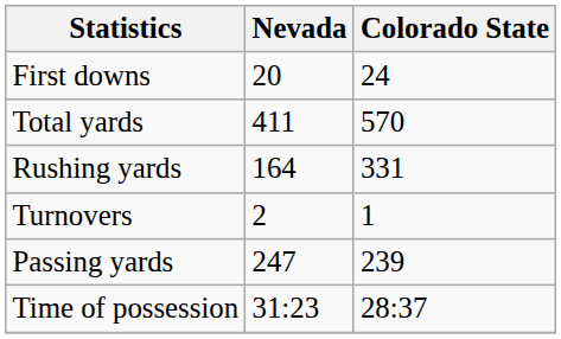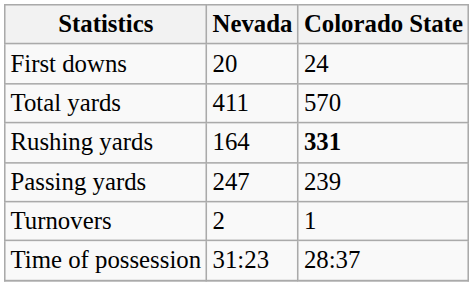 <table class="wikitable">
 <tr>
 <th>Statistics</th>
 <th>Nevada</th>
 <th>Colorado State</th>
 </tr>
 <tr>
 <td>First downs</td>
 <td>20</td>
 <td>24</td>
 </tr>
 <tr>
 <td>Total yards</td>
 <td>411</td>
 <td>570</td>
 </tr>
 <tr>
 <td>Rushing yards</td>
 <td>164</td>
-<td>331</td>
+<td><strong>331</strong></td>
+</tr>
+<tr>
+<td>Passing yards</td>
+<td>247</td>
+<td>239</td>
 </tr>
 <tr>
 <td>Turnovers</td>
 <td>2</td>
 <td>1</td>
-</tr>
-<tr>
-<td>Passing yards</td>
-<td>247</td>
-<td>239</td>
 </tr>
 <tr>
 <td>Time of possession</td>
 <td>31:23</td>
 <td>28:37</td>
 </tr>
 <tr>
 </tr>
 </table>
